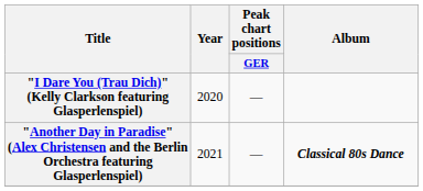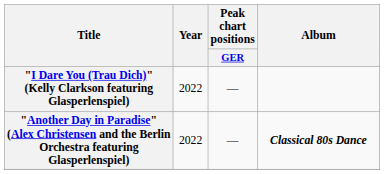 <table class="wikitable plainrowheaders" style="text-align: center;">
 <tr>
 <th scope="col" rowspan="2" style="width:14em;">Title</th>
 <th scope="col" rowspan="2" style="width:2.5em;">Year</th>
 <th scope="col" colspan="1">Peak chart positions</th>
 <th scope="col" rowspan="2" style="width:10em;">Album</th>
 </tr>
 <tr>
 <th scope="col" style="width:3em;font-size:90%"><a href='#'>GER</a><br></th>
 </tr>
 <tr>
 <th scope="row">"<a href='#'>I Dare You (Trau Dich)</a>"<br><span>(Kelly Clarkson featuring Glasperlenspiel)</span></th>
-<td>2020</td>
+<td>2022</td>
 <td>—</td>
 <td></td>
 </tr>
 <tr>
 <th scope="row">"<a href='#'>Another Day in Paradise</a>"<br><span>(<a href='#'>Alex Christensen</a> and the Berlin Orchestra featuring Glasperlenspiel)</span></th>
-<td>2021</td>
+<td>2022</td>
 <td>—</td>
 <td><strong><em>Classical 80s Dance</em></strong></td>
 </tr>
 <tr>
 </tr>
 </table>
